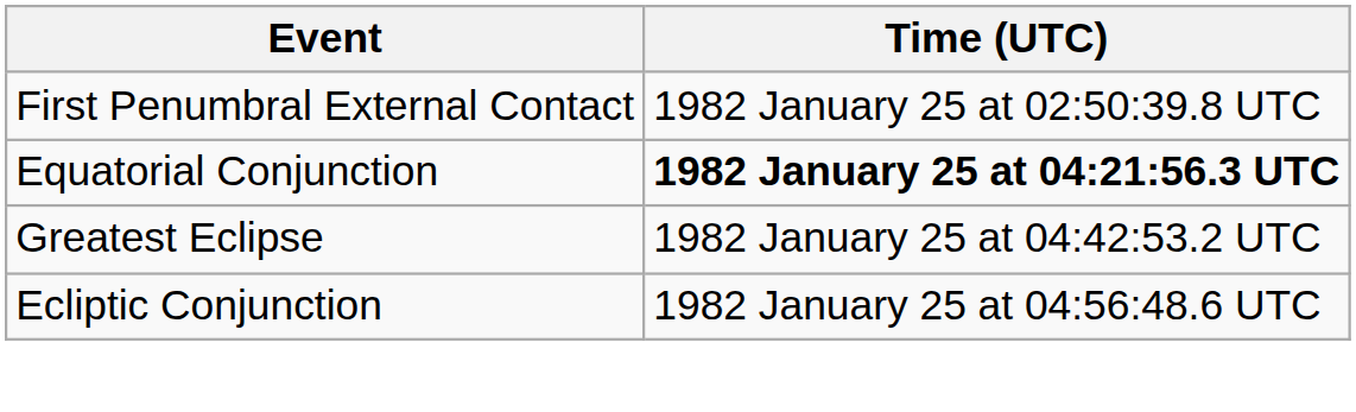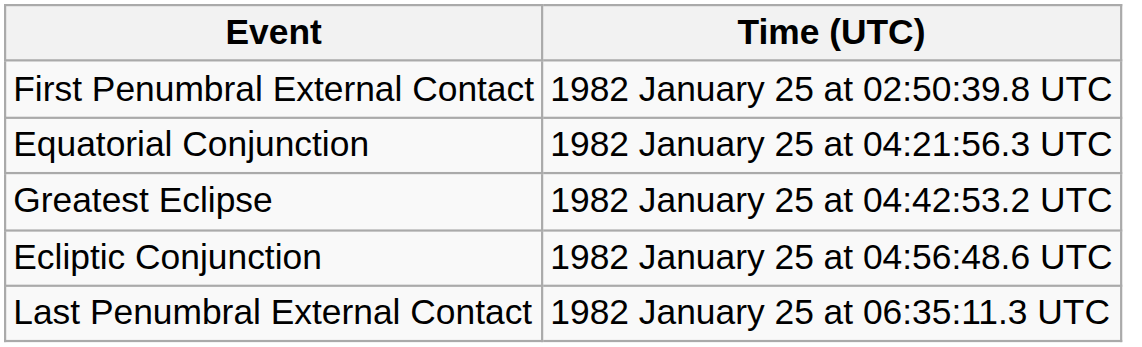 <table class="wikitable">
 <tr>
 <th>Event</th>
 <th>Time (UTC)</th>
 </tr>
 <tr>
 <td>First Penumbral External Contact</td>
 <td>1982 January 25 at 02:50:39.8 UTC</td>
 </tr>
 <tr>
 <td>Equatorial Conjunction</td>
-<td><strong>1982 January 25 at 04:21:56.3 UTC</strong></td>
+<td>1982 January 25 at 04:21:56.3 UTC</td>
 </tr>
 <tr>
 <td>Greatest Eclipse</td>
 <td>1982 January 25 at 04:42:53.2 UTC</td>
 </tr>
 <tr>
 <td>Ecliptic Conjunction</td>
 <td>1982 January 25 at 04:56:48.6 UTC</td>
 </tr>
+<tr>
+<td>Last Penumbral External Contact</td>
+<td>1982 January 25 at 06:35:11.3 UTC</td>
+</tr>
 </table>
